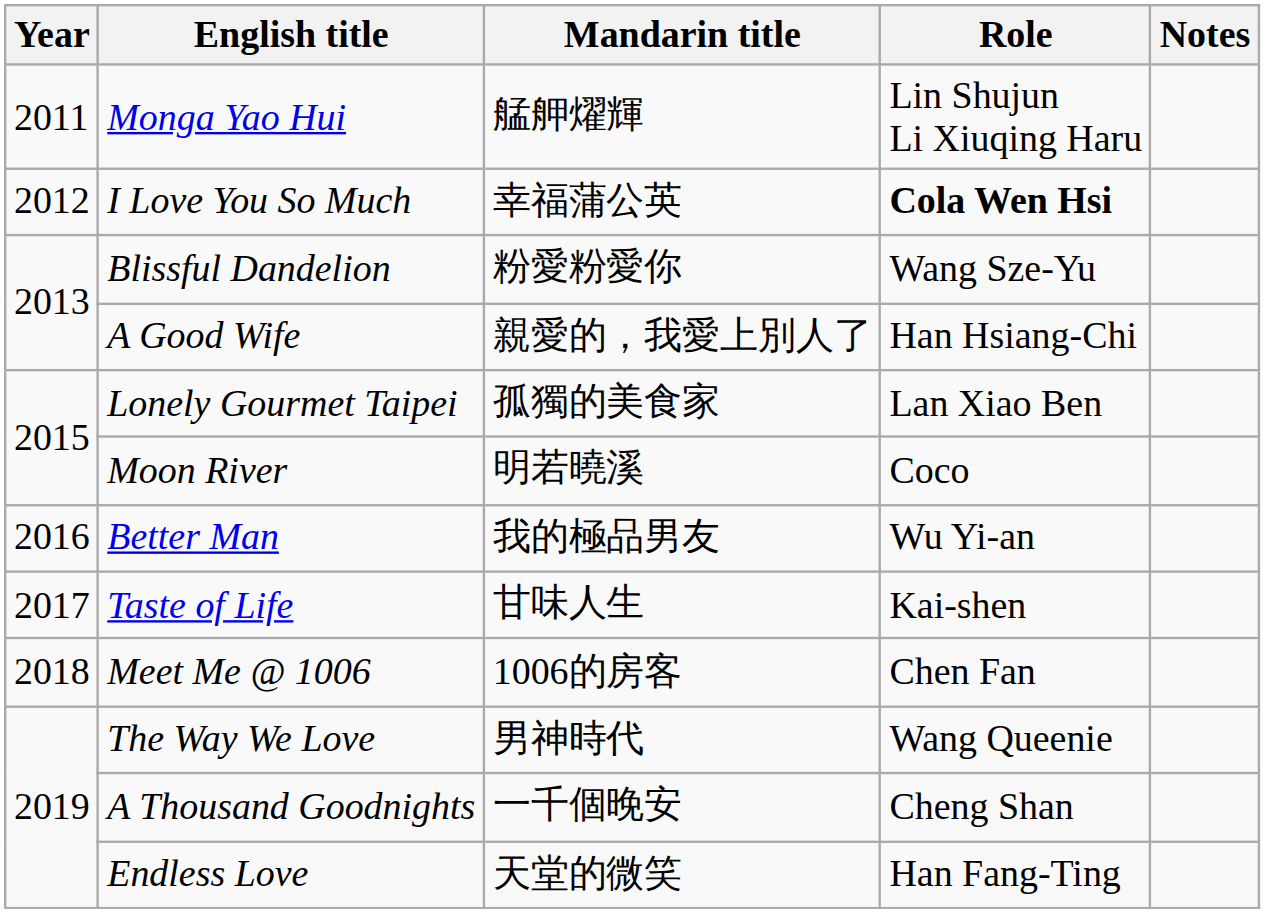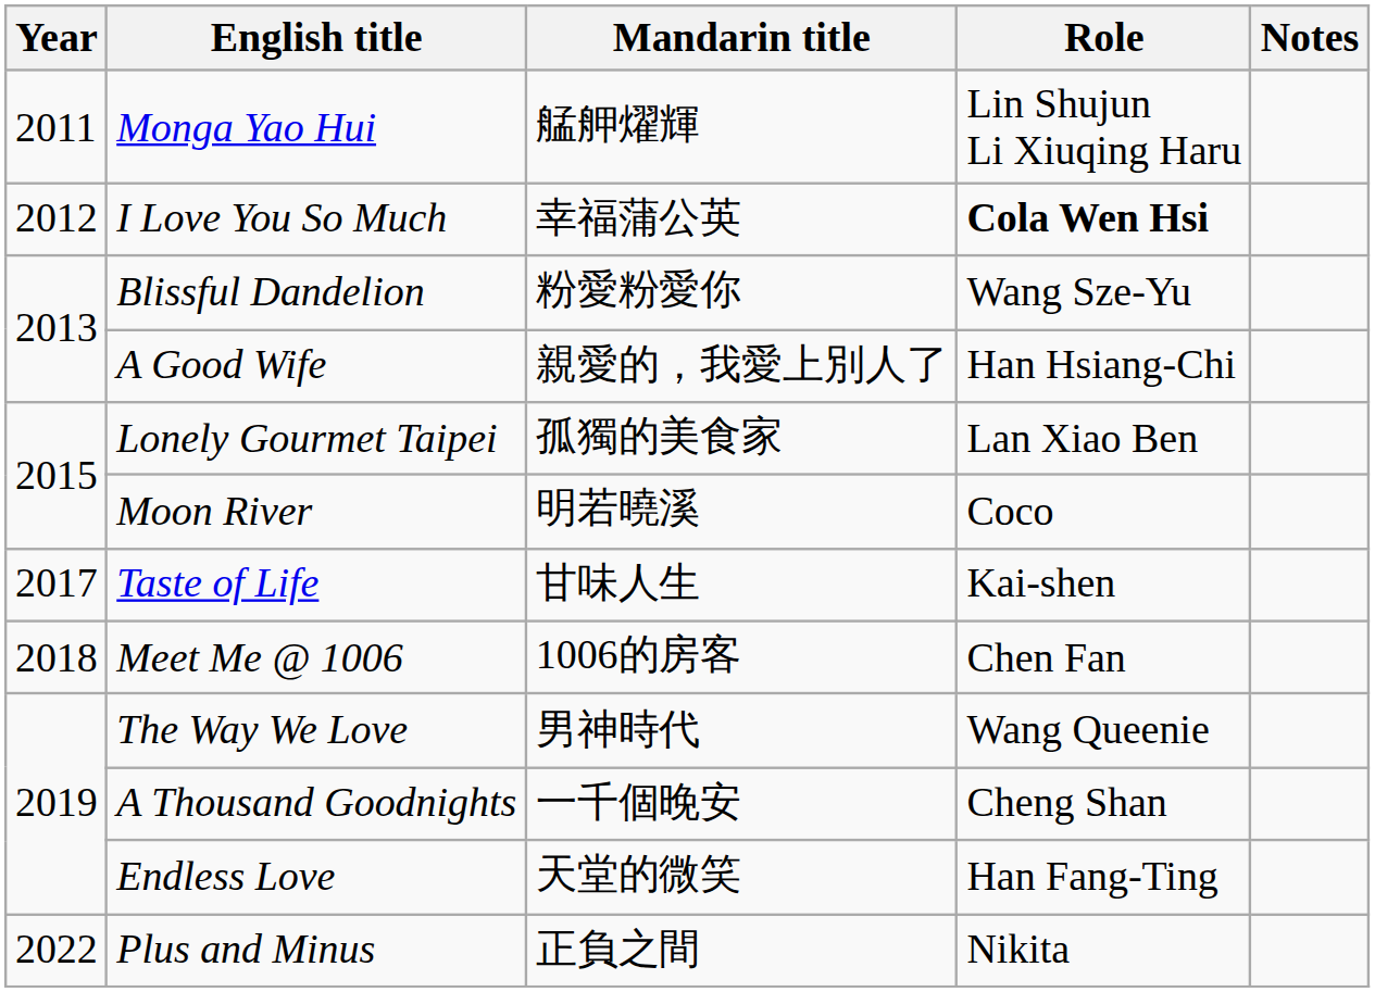 <table class="wikitable sortable">
 <tr>
 <th>Year</th>
 <th>English title</th>
 <th>Mandarin title</th>
 <th>Role</th>
 <th class="unsortable">Notes</th>
 </tr>
 <tr>
 <td>2011</td>
 <td><em><a href='#'>Monga Yao Hui</a></em></td>
 <td>艋舺燿輝</td>
 <td>Lin Shujun<br>Li Xiuqing Haru</td>
 <td></td>
 </tr>
 <tr>
 <td>2012</td>
 <td><em>I Love You So Much</em></td>
 <td>幸福蒲公英</td>
 <td><strong>Cola Wen Hsi</strong></td>
 <td></td>
 </tr>
 <tr>
 <td rowspan="2">2013</td>
 <td><em>Blissful Dandelion</em></td>
 <td>粉愛粉愛你</td>
 <td>Wang Sze-Yu</td>
 <td></td>
 </tr>
 <tr>
 <td><em>A Good Wife</em></td>
 <td>親愛的，我愛上別人了</td>
 <td>Han Hsiang-Chi</td>
 <td></td>
 </tr>
 <tr>
 <td rowspan="2">2015</td>
 <td><em>Lonely Gourmet Taipei</em></td>
 <td>孤獨的美食家</td>
 <td>Lan Xiao Ben</td>
 <td></td>
 </tr>
 <tr>
 <td><em>Moon River</em></td>
 <td>明若曉溪</td>
 <td>Coco</td>
 <td></td>
 </tr>
 <tr>
-<td>2016</td>
-<td><em><a href='#'>Better Man</a></em></td>
-<td>我的極品男友</td>
-<td>Wu Yi-an</td>
-<td></td>
-</tr>
-<tr>
 <td>2017</td>
 <td><em><a href='#'>Taste of Life</a></em></td>
 <td>甘味人生</td>
 <td>Kai-shen</td>
 <td></td>
 </tr>
 <tr>
 <td>2018</td>
 <td><em>Meet Me @ 1006</em></td>
 <td>1006的房客</td>
 <td>Chen Fan</td>
 <td></td>
 </tr>
 <tr>
 <td rowspan="3">2019</td>
 <td><em>The Way We Love</em></td>
 <td>男神時代</td>
 <td>Wang Queenie</td>
 <td></td>
 </tr>
 <tr>
 <td><em>A Thousand Goodnights</em></td>
 <td>一千個晚安</td>
 <td>Cheng Shan</td>
 <td></td>
 </tr>
 <tr>
 <td><em>Endless Love</em></td>
 <td>天堂的微笑</td>
 <td>Han Fang-Ting</td>
 <td></td>
 </tr>
 <tr>
+<td>2022</td>
+<td><em>Plus and Minus</em></td>
+<td>正負之間</td>
+<td>Nikita</td>
+<td></td>
+</tr>
+<tr>
 </tr>
 </table>
